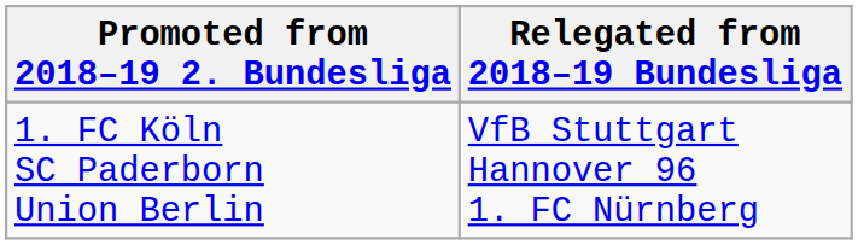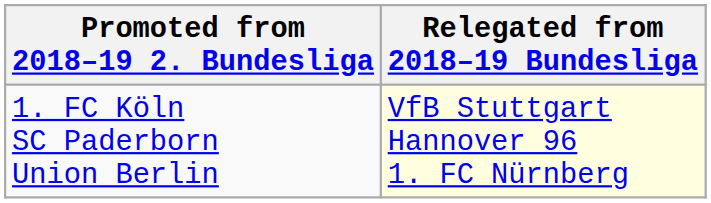 <table class="wikitable">
 <tr>
 <th>Promoted from<br><a href='#'>2018–19 2. Bundesliga</a></th>
 <th>Relegated from<br><a href='#'>2018–19 Bundesliga</a></th>
 </tr>
 <tr>
 <td><a href='#'>1. FC Köln</a><br><a href='#'>SC Paderborn</a><br><a href='#'>Union Berlin</a></td>
-<td><a href='#'>VfB Stuttgart</a><br><a href='#'>Hannover 96</a><br><a href='#'>1. FC Nürnberg</a></td>
+<td style="background: lightyellow;"><a href='#'>VfB Stuttgart</a><br><a href='#'>Hannover 96</a><br><a href='#'>1. FC Nürnberg</a></td>
 </tr>
 </table>
